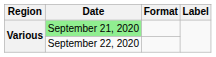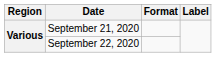 <table class="wikitable plainrowheaders">
 <tr>
 <th>Region</th>
 <th>Date</th>
 <th>Format</th>
 <th>Label</th>
 </tr>
 <tr>
 <th scope="row" rowspan="2">Various</th>
-<td style="background: lightgreen;">September 21, 2020</td>
+<td>September 21, 2020</td>
 <td></td>
 <td rowspan="2"></td>
 </tr>
 <tr>
 <td rowspan="2">September 22, 2020</td>
 <td></td>
 </tr>
 </table>
